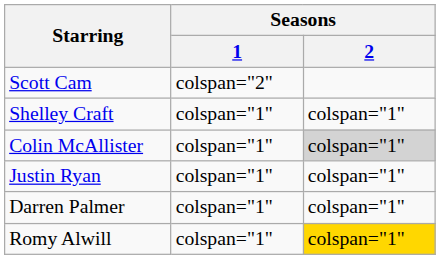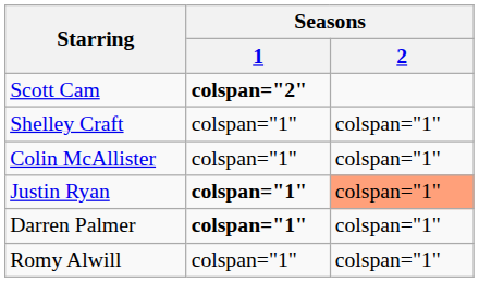 <table class="wikitable plainrowheaders" style="font-size:100%;">
 <tr>
 <th scope="col" style="width:8em;" rowspan="2">Starring</th>
 <th scope="col" colspan="12">Seasons</th>
 </tr>
 <tr>
 <th scope="col" style="width:100px;"><a href='#'>1</a></th>
 <th scope="col" style="width:100px;"><a href='#'>2</a></th>
 </tr>
 <tr>
 <td scope="row"><a href='#'>Scott Cam</a></td>
-<td>colspan="2" </td>
+<td><strong>colspan="2" </strong></td>
 </tr>
 <tr>
 <td scope="row"><a href='#'>Shelley Craft</a></td>
 <td>colspan="1" </td>
 <td>colspan="1" </td>
 </tr>
 <tr>
 <td scope="row"><a href='#'>Colin McAllister</a></td>
 <td>colspan="1" </td>
-<td style="background: lightgrey;">colspan="1" </td>
+<td>colspan="1" </td>
 </tr>
 <tr>
 <td scope="row"><a href='#'>Justin Ryan</a></td>
-<td>colspan="1" </td>
-<td>colspan="1" </td>
+<td><strong>colspan="1" </strong></td>
+<td style="background: lightsalmon;">colspan="1" </td>
 </tr>
 <tr>
 <td scope="row">Darren Palmer</td>
-<td>colspan="1" </td>
+<td><strong>colspan="1" </strong></td>
 <td>colspan="1" </td>
 </tr>
 <tr>
 <td scope="row">Romy Alwill</td>
 <td>colspan="1" </td>
-<td style="background: gold;">colspan="1" </td>
+<td>colspan="1" </td>
 </tr>
 </table>
